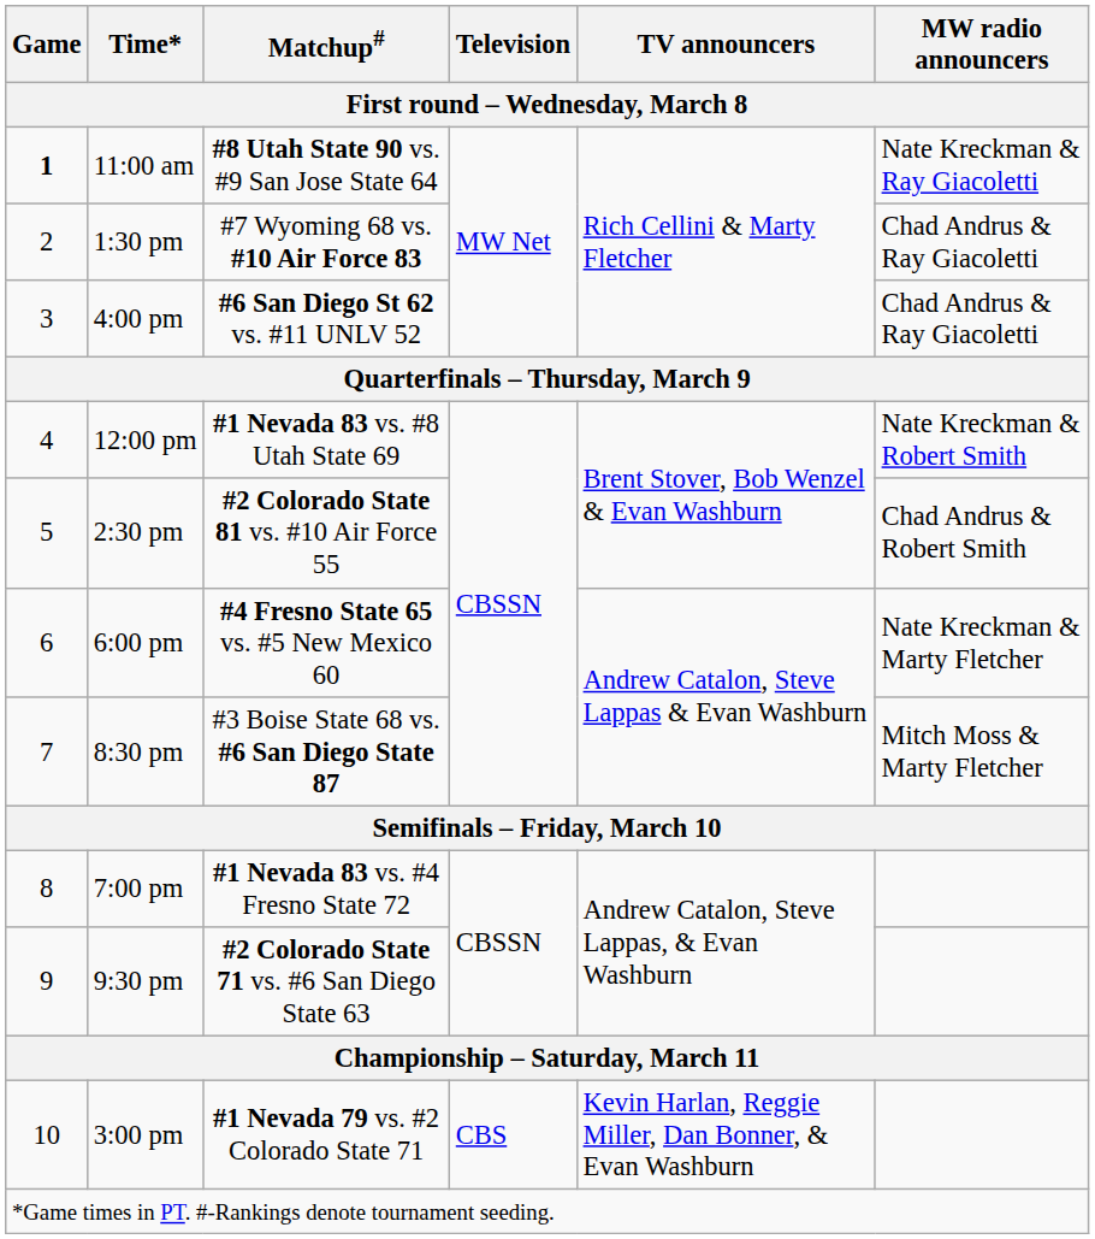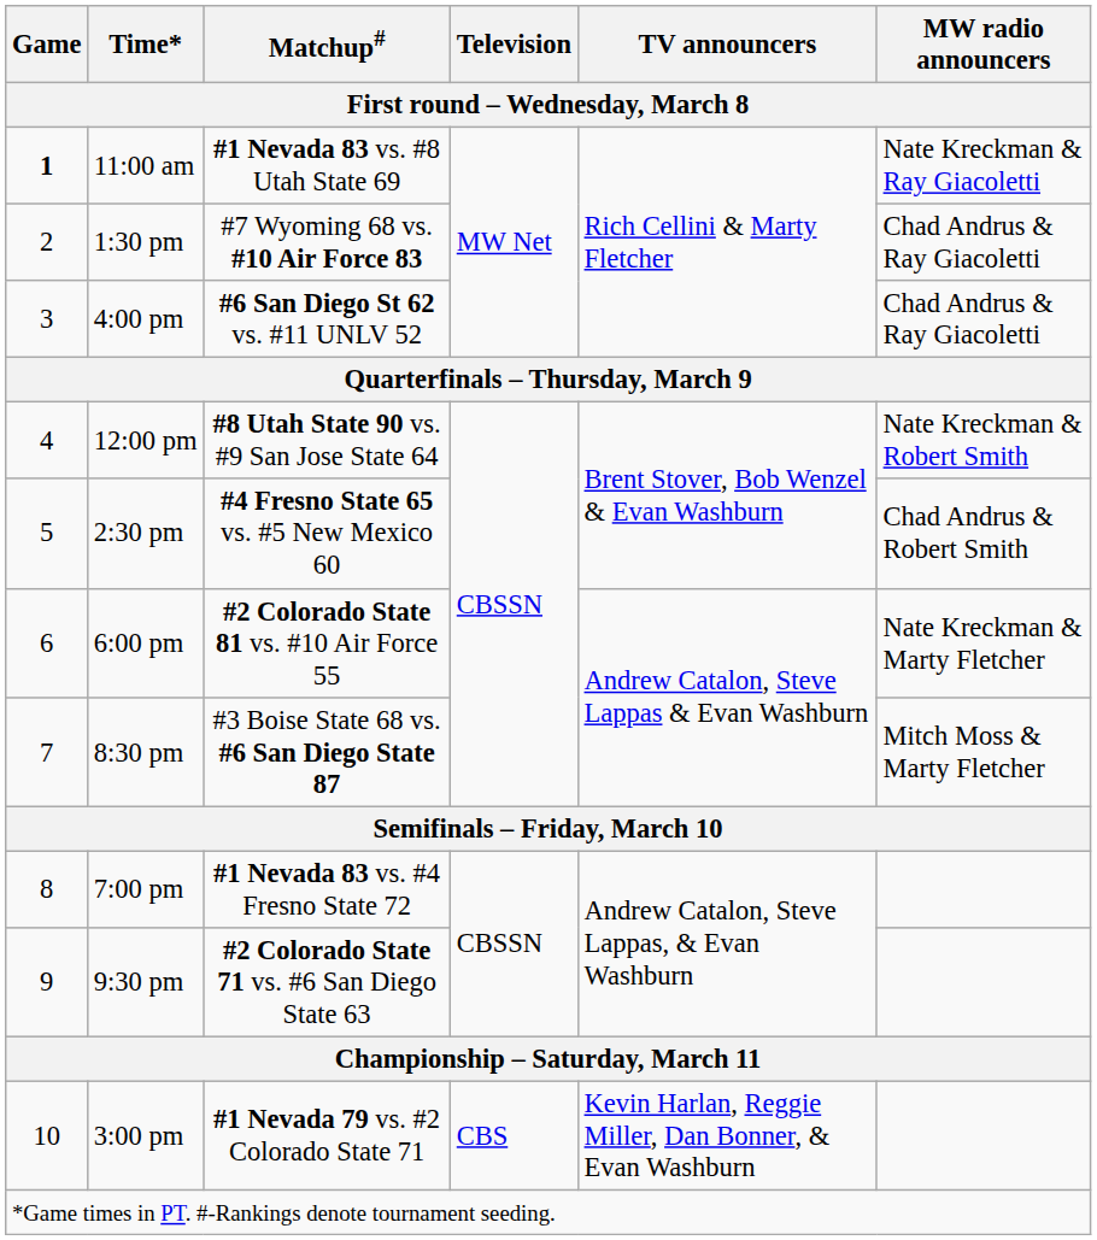 <table class="wikitable" style="font-size: 95%">
 <tr>
 <th>Game</th>
 <th>Time*</th>
 <th>Matchup<sup>#</sup></th>
 <th>Television</th>
 <th>TV announcers</th>
 <th>MW radio announcers</th>
 </tr>
 <tr>
 <th colspan=7>First round – Wednesday, March 8</th>
 </tr>
 <tr>
 <td align=center><strong>1</strong></td>
 <td>11:00 am</td>
-<td align=center><strong>#8 Utah State 90</strong> vs. #9 San Jose State 64</td>
+<td align=center><strong>#1 Nevada 83</strong> vs. #8 Utah State 69</td>
 <td rowspan=3><a href='#'>MW Net</a></td>
 <td rowspan=3><a href='#'>Rich Cellini</a> & <a href='#'>Marty Fletcher</a></td>
 <td>Nate Kreckman & <a href='#'>Ray Giacoletti</a></td>
 </tr>
 <tr>
 <td align=center>2</td>
 <td>1:30 pm</td>
 <td align=center>#7 Wyoming 68 vs. <strong>#10 Air Force 83</strong></td>
 <td>Chad Andrus & Ray Giacoletti</td>
 </tr>
 <tr>
 <td align=center>3</td>
 <td>4:00 pm</td>
 <td align=center><strong>#6 San Diego St 62</strong> vs. #11 UNLV 52</td>
 <td>Chad Andrus & Ray Giacoletti</td>
 </tr>
 <tr>
 <th colspan=7>Quarterfinals – Thursday, March 9</th>
 </tr>
 <tr>
 <td align=center>4</td>
 <td>12:00 pm</td>
-<td align=center><strong>#1 Nevada 83</strong> vs. #8 Utah State 69</td>
+<td align=center><strong>#8 Utah State 90</strong> vs. #9 San Jose State 64</td>
 <td rowspan=4><a href='#'>CBSSN</a></td>
 <td rowspan=2><a href='#'>Brent Stover</a>, <a href='#'>Bob Wenzel</a> & <a href='#'>Evan Washburn</a></td>
 <td>Nate Kreckman & <a href='#'>Robert Smith</a></td>
 </tr>
 <tr>
 <td align=center>5</td>
 <td>2:30 pm</td>
-<td align=center><strong>#2 Colorado State 81</strong> vs. #10 Air Force 55</td>
+<td align=center><strong>#4 Fresno State 65</strong> vs. #5 New Mexico 60</td>
 <td>Chad Andrus & Robert Smith</td>
 </tr>
 <tr>
 <td align=center>6</td>
 <td>6:00 pm</td>
-<td align=center><strong>#4 Fresno State 65</strong> vs. #5 New Mexico 60</td>
+<td align=center><strong>#2 Colorado State 81</strong> vs. #10 Air Force 55</td>
 <td rowspan=2><a href='#'>Andrew Catalon</a>, <a href='#'>Steve Lappas</a> & Evan Washburn</td>
 <td>Nate Kreckman & Marty Fletcher</td>
 </tr>
 <tr>
 <td align=center>7</td>
 <td>8:30 pm</td>
 <td align=center>#3 Boise State 68 vs. <strong>#6 San Diego State 87</strong></td>
 <td>Mitch Moss & Marty Fletcher</td>
 </tr>
 <tr>
 <th colspan=7>Semifinals – Friday, March 10</th>
 </tr>
 <tr>
 <td align=center>8</td>
 <td>7:00 pm</td>
 <td align=center><strong>#1 Nevada 83</strong> vs. #4 Fresno State 72</td>
 <td rowspan=2>CBSSN</td>
 <td rowspan=2>Andrew Catalon, Steve Lappas, & Evan Washburn</td>
 <td></td>
 </tr>
 <tr>
 <td align=center>9</td>
 <td>9:30 pm</td>
 <td align=center><strong>#2 Colorado State 71</strong> vs. #6 San Diego State 63</td>
 <td></td>
 </tr>
 <tr>
 <th colspan=7>Championship – Saturday, March 11</th>
 </tr>
 <tr>
 <td align=center>10</td>
 <td>3:00 pm</td>
 <td align=center><strong>#1 Nevada 79</strong> vs. #2 Colorado State 71</td>
 <td><a href='#'>CBS</a></td>
 <td><a href='#'>Kevin Harlan</a>, <a href='#'>Reggie Miller</a>, <a href='#'>Dan Bonner</a>, & Evan Washburn</td>
 <td></td>
 </tr>
 <tr>
 <td colspan=7><small>*Game times in <a href='#'>PT</a>. #-Rankings denote tournament seeding.</small></td>
 </tr>
 </table>
